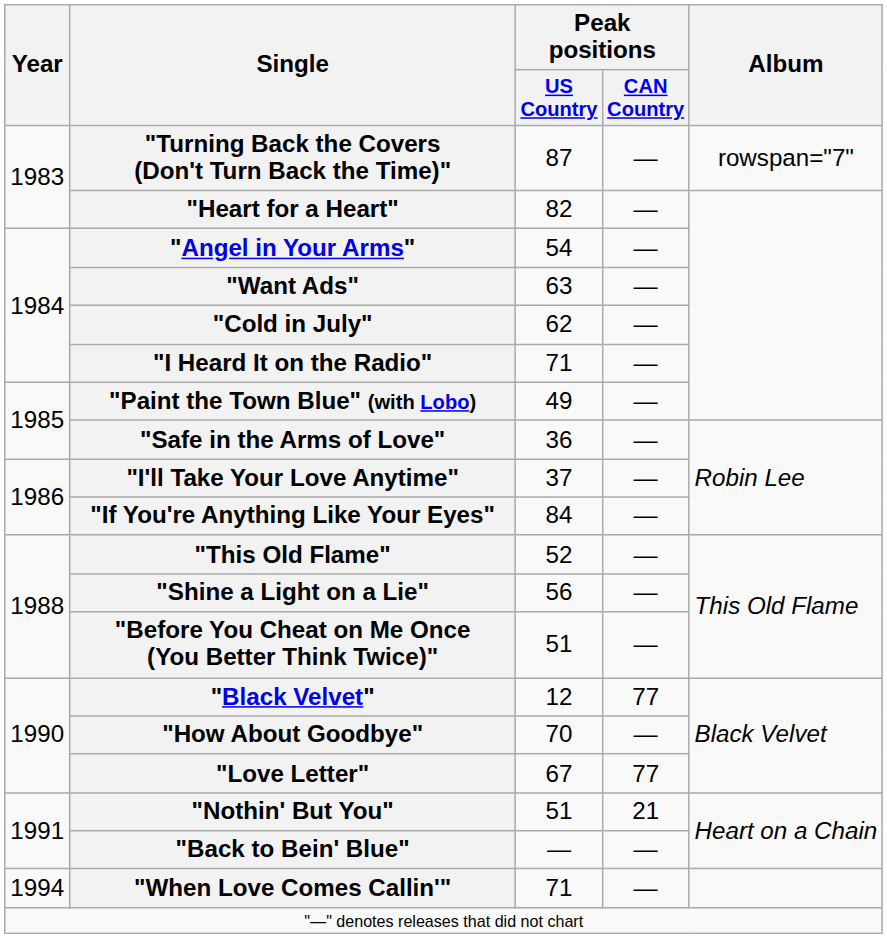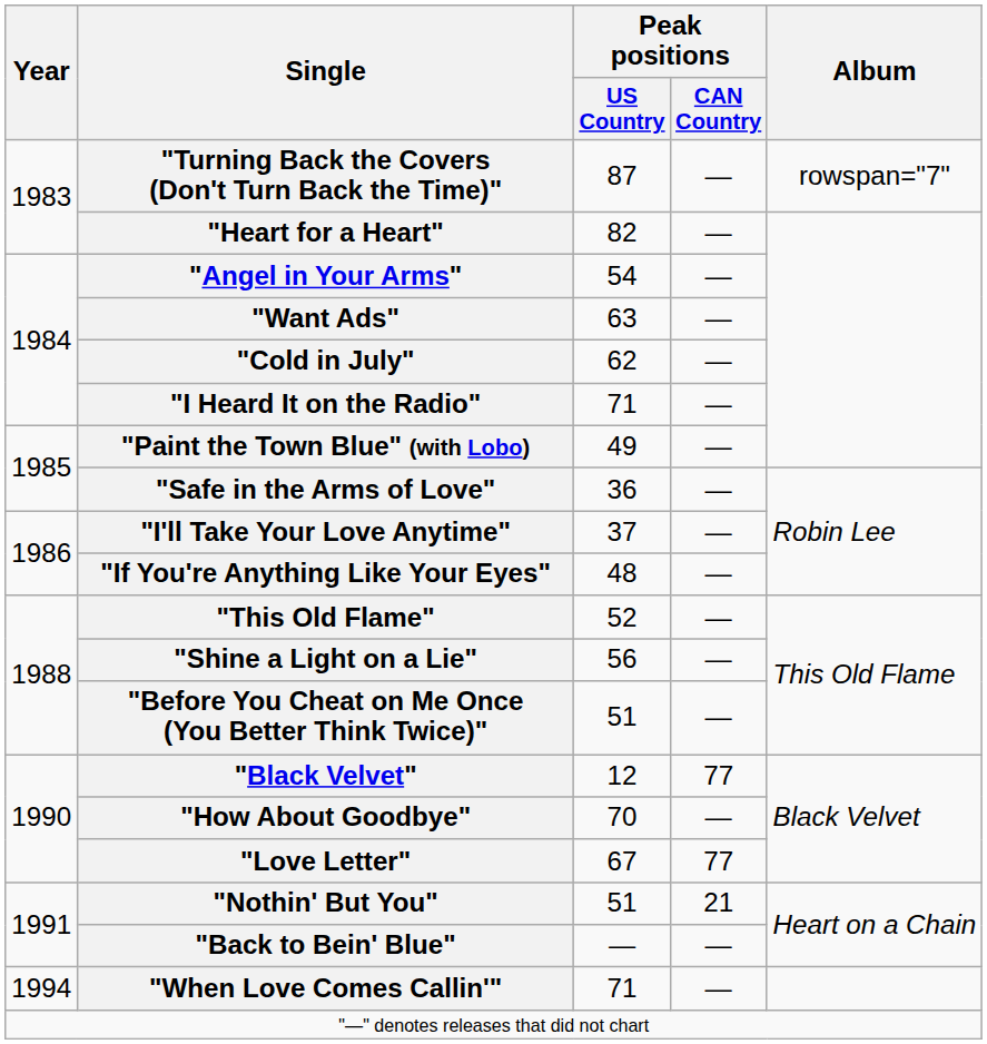 <table class="wikitable plainrowheaders" style="text-align:center;">
 <tr>
 <th rowspan="2">Year</th>
 <th rowspan="2" style="width:18em;">Single</th>
 <th colspan="2">Peak positions</th>
 <th rowspan="2">Album</th>
 </tr>
 <tr style="font-size:smaller;">
 <th width="45"><a href='#'>US Country</a><br></th>
 <th width="45"><a href='#'>CAN Country</a></th>
 </tr>
 <tr>
 <td rowspan="2">1983</td>
 <th scope="row">"Turning Back the Covers<br>(Don't Turn Back the Time)"</th>
 <td>87</td>
 <td>—</td>
 <td>rowspan="7" </td>
 </tr>
 <tr>
 <th scope="row">"Heart for a Heart"</th>
 <td>82</td>
 <td>—</td>
 </tr>
 <tr>
 <td rowspan="4">1984</td>
 <th scope="row">"<a href='#'>Angel in Your Arms</a>"</th>
 <td>54</td>
 <td>—</td>
 </tr>
 <tr>
 <th scope="row">"Want Ads"</th>
 <td>63</td>
 <td>—</td>
 </tr>
 <tr>
 <th scope="row">"Cold in July"</th>
 <td>62</td>
 <td>—</td>
 </tr>
 <tr>
 <th scope="row">"I Heard It on the Radio"</th>
 <td>71</td>
 <td>—</td>
 </tr>
 <tr>
 <td rowspan="2">1985</td>
 <th scope="row">"Paint the Town Blue" <small>(with <a href='#'>Lobo</a>)</small></th>
 <td>49</td>
 <td>—</td>
 </tr>
 <tr>
 <th scope="row">"Safe in the Arms of Love"</th>
 <td>36</td>
 <td>—</td>
 <td align="left" rowspan="3"><em>Robin Lee</em></td>
 </tr>
 <tr>
 <td rowspan="2">1986</td>
 <th scope="row">"I'll Take Your Love Anytime"</th>
 <td>37</td>
 <td>—</td>
 </tr>
 <tr>
 <th scope="row">"If You're Anything Like Your Eyes"</th>
-<td>84</td>
+<td>48</td>
 <td>—</td>
 </tr>
 <tr>
 <td rowspan="3">1988</td>
 <th scope="row">"This Old Flame"</th>
 <td>52</td>
 <td>—</td>
 <td align="left" rowspan="3"><em>This Old Flame</em></td>
 </tr>
 <tr>
 <th scope="row">"Shine a Light on a Lie"</th>
 <td>56</td>
 <td>—</td>
 </tr>
 <tr>
 <th scope="row">"Before You Cheat on Me Once<br>(You Better Think Twice)"</th>
 <td>51</td>
 <td>—</td>
 </tr>
 <tr>
 <td rowspan="3">1990</td>
 <th scope="row">"<a href='#'>Black Velvet</a>"</th>
 <td>12</td>
 <td>77</td>
 <td align="left" rowspan="3"><em>Black Velvet</em></td>
 </tr>
 <tr>
 <th scope="row">"How About Goodbye"</th>
 <td>70</td>
 <td>—</td>
 </tr>
 <tr>
 <th scope="row">"Love Letter"</th>
 <td>67</td>
 <td>77</td>
 </tr>
 <tr>
 <td rowspan="2">1991</td>
 <th scope="row">"Nothin' But You"</th>
 <td>51</td>
 <td>21</td>
 <td align="left" rowspan="2"><em>Heart on a Chain</em></td>
 </tr>
 <tr>
 <th scope="row">"Back to Bein' Blue"</th>
 <td>—</td>
 <td>—</td>
 </tr>
 <tr>
 <td>1994</td>
 <th scope="row">"When Love Comes Callin'"</th>
 <td>71</td>
 <td>—</td>
 <td></td>
 </tr>
 <tr>
 <td colspan="5" style="font-size:8pt">"—" denotes releases that did not chart</td>
 </tr>
 </table>
